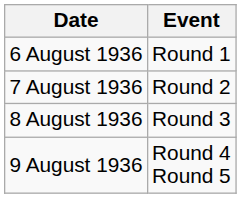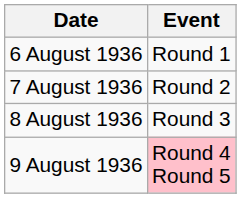 <table class = "wikitable" style="text-align:center;">
 <tr>
 <th>Date</th>
 <th>Event</th>
 </tr>
 <tr>
 <td>6 August 1936</td>
 <td>Round 1</td>
 </tr>
 <tr>
 <td>7 August 1936</td>
 <td>Round 2</td>
 </tr>
 <tr>
 <td>8 August 1936</td>
 <td>Round 3</td>
 </tr>
 <tr>
 <td>9 August 1936</td>
-<td>Round 4<br>Round 5</td>
+<td style="background: pink;">Round 4<br>Round 5</td>
 </tr>
 </table>
